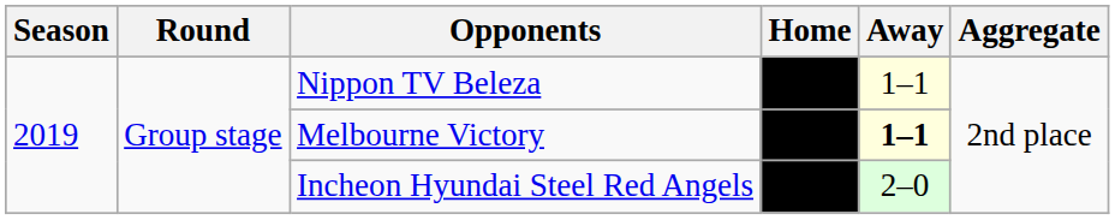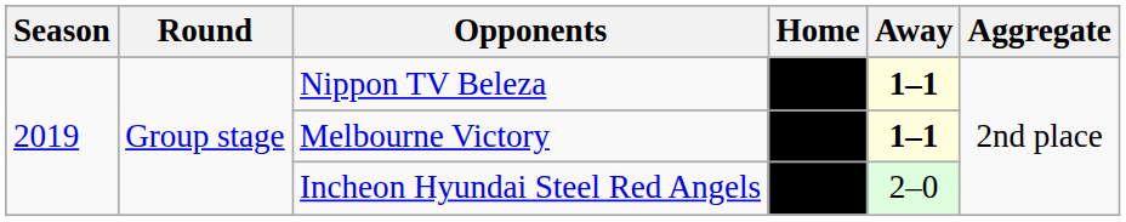 <table class="wikitable">
 <tr>
 <th>Season</th>
 <th>Round</th>
 <th>Opponents</th>
 <th>Home</th>
 <th>Away</th>
 <th>Aggregate</th>
 </tr>
 <tr>
 <td rowspan="3"><a href='#'>2019</a></td>
 <td rowspan="3"><a href='#'>Group stage</a></td>
 <td> <a href='#'>Nippon TV Beleza</a></td>
 <td bgcolor=" " style="text-align:center;">—</td>
-<td bgcolor="#ffffdd" style="text-align:center;">1–1</td>
+<td bgcolor="#ffffdd" style="text-align:center;"><strong>1–1</strong></td>
 <td rowspan="3" style="text-align:center;">2nd place</td>
 </tr>
 <tr>
 <td> <a href='#'>Melbourne Victory</a></td>
 <td bgcolor=" " style="text-align:center;">—</td>
 <td bgcolor="#ffffdd" style="text-align:center;"><strong>1–1</strong></td>
 </tr>
 <tr>
 <td> <a href='#'>Incheon Hyundai Steel Red Angels</a></td>
 <td bgcolor=" " style="text-align:center;">—</td>
 <td bgcolor="#ddffdd" style="text-align:center;">2–0</td>
 </tr>
 </table>
